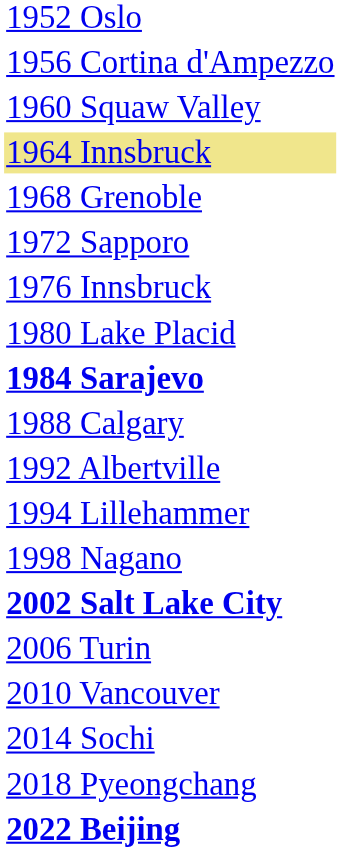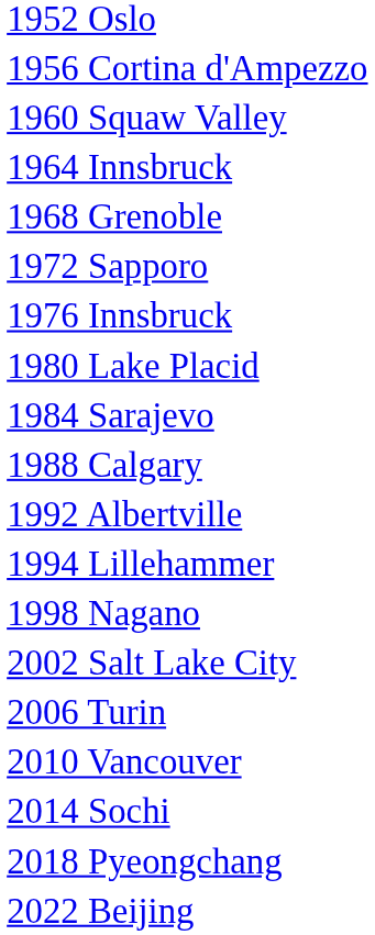 <table>
 <tr>
 <td><a href='#'>1952 Oslo</a><br></td>
 <td></td>
 <td></td>
 <td></td>
 </tr>
 <tr>
 <td><a href='#'>1956 Cortina d'Ampezzo</a><br></td>
 <td></td>
 <td></td>
 <td></td>
 </tr>
 <tr>
 <td><a href='#'>1960 Squaw Valley</a><br></td>
 <td></td>
 <td></td>
 <td></td>
 </tr>
 <tr>
-<td style="background: khaki;"><a href='#'>1964 Innsbruck</a><br></td>
+<td><a href='#'>1964 Innsbruck</a><br></td>
 <td></td>
 <td></td>
 <td></td>
 </tr>
 <tr>
 <td><a href='#'>1968 Grenoble</a><br></td>
 <td></td>
 <td></td>
 <td></td>
 </tr>
 <tr>
 <td><a href='#'>1972 Sapporo</a><br></td>
 <td></td>
 <td></td>
 <td></td>
 </tr>
 <tr>
 <td><a href='#'>1976 Innsbruck</a><br></td>
 <td></td>
 <td></td>
 <td></td>
 </tr>
 <tr>
 <td><a href='#'>1980 Lake Placid</a><br></td>
 <td></td>
 <td></td>
 <td></td>
 </tr>
 <tr>
-<td><strong><a href='#'>1984 Sarajevo</a><br></strong></td>
+<td><a href='#'>1984 Sarajevo</a><br></td>
 <td></td>
 <td></td>
 <td></td>
 </tr>
 <tr>
 <td><a href='#'>1988 Calgary</a><br></td>
 <td></td>
 <td></td>
 <td></td>
 </tr>
 <tr>
 <td><a href='#'>1992 Albertville</a><br></td>
 <td></td>
 <td></td>
 <td></td>
 </tr>
 <tr>
 <td><a href='#'>1994 Lillehammer</a><br></td>
 <td></td>
 <td></td>
 <td></td>
 </tr>
 <tr>
 <td><a href='#'>1998 Nagano</a><br></td>
 <td></td>
 <td></td>
 <td></td>
 </tr>
 <tr>
-<td><strong><a href='#'>2002 Salt Lake City</a><br></strong></td>
+<td><a href='#'>2002 Salt Lake City</a><br></td>
 <td></td>
 <td></td>
 <td></td>
 </tr>
 <tr>
 <td><a href='#'>2006 Turin</a><br></td>
 <td></td>
 <td></td>
 <td></td>
 </tr>
 <tr>
 <td><a href='#'>2010 Vancouver</a><br></td>
 <td></td>
 <td></td>
 <td></td>
 </tr>
 <tr>
 <td><a href='#'>2014 Sochi</a><br></td>
 <td></td>
 <td></td>
 <td></td>
 </tr>
 <tr>
 <td><a href='#'>2018 Pyeongchang</a><br></td>
 <td></td>
 <td></td>
 <td></td>
 </tr>
 <tr>
-<td><strong><a href='#'>2022 Beijing</a> <br></strong></td>
+<td><a href='#'>2022 Beijing</a> <br></td>
 <td></td>
 <td></td>
 <td></td>
 </tr>
 <tr>
 </tr>
 </table>
